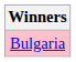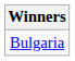 <table class=wikitable style="text-align:center; margin:auto">
 <tr>
 <th>Winners</th>
 </tr>
 <tr>
-<td style="background: pink;"> <a href='#'>Bulgaria</a></td>
+<td> <a href='#'>Bulgaria</a></td>
 </tr>
 </table>
